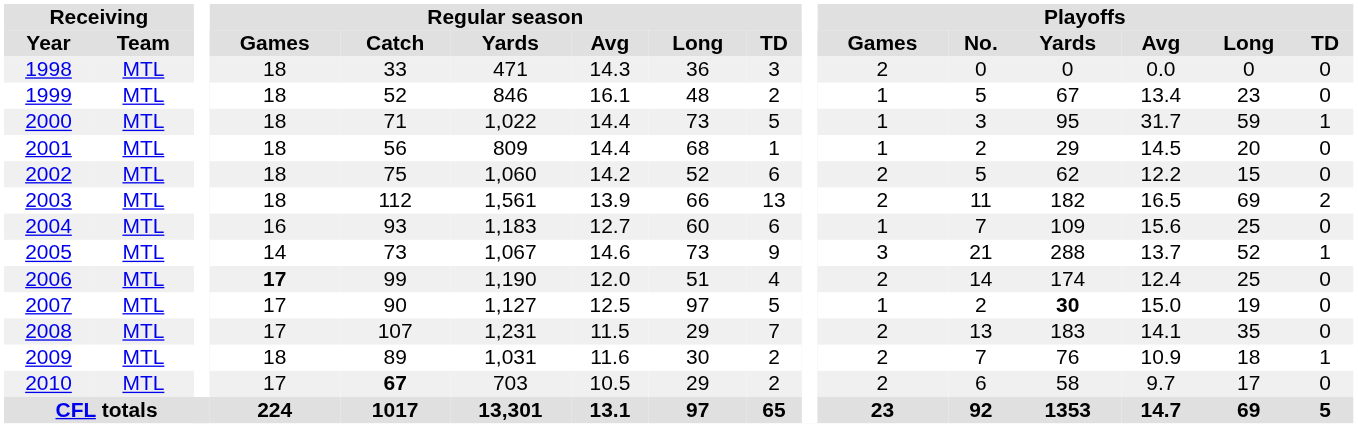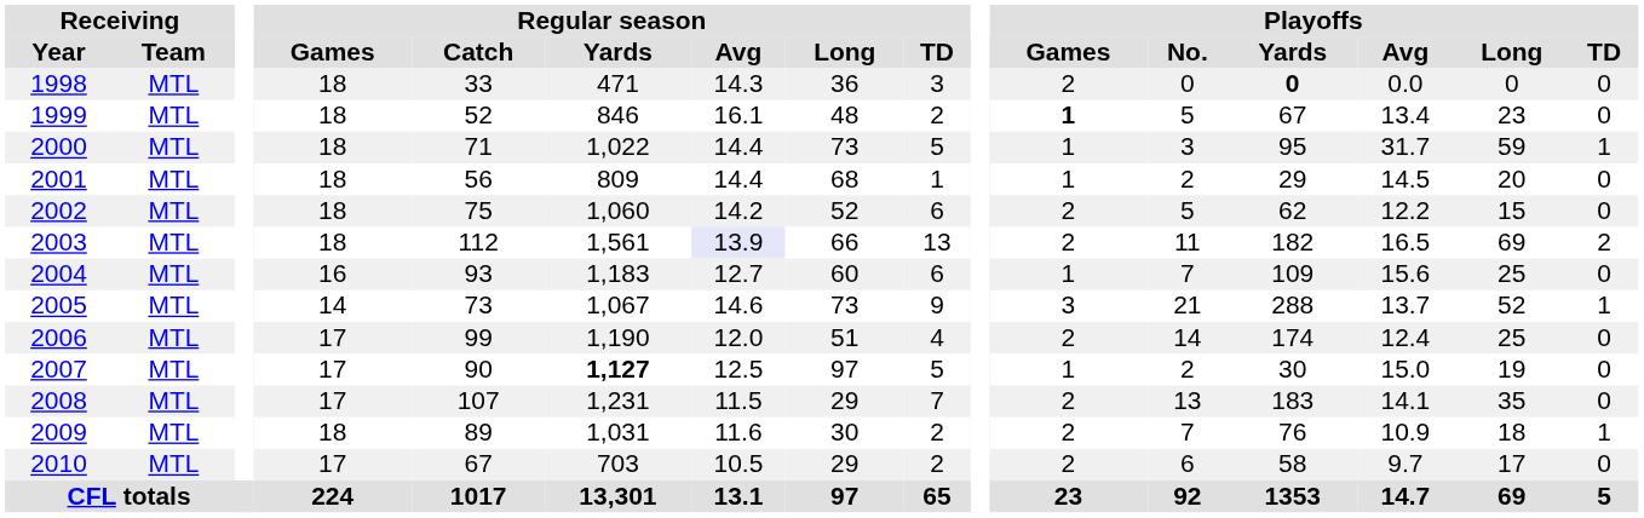 <table border="0" cellpadding="1" cellspacing="0"  style="width:65%; text-align:center;">
 <tr style="background:#e0e0e0;">
 <th colspan="2">Receiving</th>
 <th rowspan="99" style="background:#fff;"> </th>
 <th colspan="6">Regular season</th>
 <th rowspan="99" style="background:#fff;"> </th>
 <th colspan="6">Playoffs</th>
 </tr>
 <tr style="background:#e0e0e0;">
 <th>Year</th>
 <th>Team</th>
 <th>Games</th>
 <th>Catch</th>
 <th>Yards</th>
 <th>Avg</th>
 <th>Long</th>
 <th>TD</th>
 <th>Games</th>
 <th>No.</th>
 <th>Yards</th>
 <th>Avg</th>
 <th>Long</th>
 <th>TD</th>
 </tr>
 <tr style="text-align:center; background:#f0f0f0;">
 <td><a href='#'>1998</a></td>
 <td><a href='#'>MTL</a></td>
 <td>18</td>
 <td>33</td>
 <td>471</td>
 <td>14.3</td>
 <td>36</td>
 <td>3</td>
 <td>2</td>
 <td>0</td>
-<td>0</td>
+<td><strong>0</strong></td>
 <td>0.0</td>
 <td>0</td>
 <td>0</td>
 </tr>
 <tr style="text-align:center;">
 <td><a href='#'>1999</a></td>
 <td><a href='#'>MTL</a></td>
 <td>18</td>
 <td>52</td>
 <td>846</td>
 <td>16.1</td>
 <td>48</td>
 <td>2</td>
-<td>1</td>
+<td><strong>1</strong></td>
 <td>5</td>
 <td>67</td>
 <td>13.4</td>
 <td>23</td>
 <td>0</td>
 </tr>
 <tr style="text-align:center; background:#f0f0f0;">
 <td><a href='#'>2000</a></td>
 <td><a href='#'>MTL</a></td>
 <td>18</td>
 <td>71</td>
 <td>1,022</td>
 <td>14.4</td>
 <td>73</td>
 <td>5</td>
 <td>1</td>
 <td>3</td>
 <td>95</td>
 <td>31.7</td>
 <td>59</td>
 <td>1</td>
 </tr>
 <tr style="text-align:center;">
 <td><a href='#'>2001</a></td>
 <td><a href='#'>MTL</a></td>
 <td>18</td>
 <td>56</td>
 <td>809</td>
 <td>14.4</td>
 <td>68</td>
 <td>1</td>
 <td>1</td>
 <td>2</td>
 <td>29</td>
 <td>14.5</td>
 <td>20</td>
 <td>0</td>
 </tr>
 <tr style="text-align:center; background:#f0f0f0;">
 <td><a href='#'>2002</a></td>
 <td><a href='#'>MTL</a></td>
 <td>18</td>
 <td>75</td>
 <td>1,060</td>
 <td>14.2</td>
 <td>52</td>
 <td>6</td>
 <td>2</td>
 <td>5</td>
 <td>62</td>
 <td>12.2</td>
 <td>15</td>
 <td>0</td>
 </tr>
 <tr style="text-align:center;">
 <td><a href='#'>2003</a></td>
 <td><a href='#'>MTL</a></td>
 <td>18</td>
 <td>112</td>
 <td>1,561</td>
-<td>13.9</td>
+<td style="background: lavender;">13.9</td>
 <td>66</td>
 <td>13</td>
 <td>2</td>
 <td>11</td>
 <td>182</td>
 <td>16.5</td>
 <td>69</td>
 <td>2</td>
 </tr>
 <tr style="text-align:center; background:#f0f0f0;">
 <td><a href='#'>2004</a></td>
 <td><a href='#'>MTL</a></td>
 <td>16</td>
 <td>93</td>
 <td>1,183</td>
 <td>12.7</td>
 <td>60</td>
 <td>6</td>
 <td>1</td>
 <td>7</td>
 <td>109</td>
 <td>15.6</td>
 <td>25</td>
 <td>0</td>
 </tr>
 <tr style="text-align:center;">
 <td><a href='#'>2005</a></td>
 <td><a href='#'>MTL</a></td>
 <td>14</td>
 <td>73</td>
 <td>1,067</td>
 <td>14.6</td>
 <td>73</td>
 <td>9</td>
 <td>3</td>
 <td>21</td>
 <td>288</td>
 <td>13.7</td>
 <td>52</td>
 <td>1</td>
 </tr>
 <tr style="text-align:center; background:#f0f0f0;">
 <td><a href='#'>2006</a></td>
 <td><a href='#'>MTL</a></td>
-<td><strong>17</strong></td>
+<td>17</td>
 <td>99</td>
 <td>1,190</td>
 <td>12.0</td>
 <td>51</td>
 <td>4</td>
 <td>2</td>
 <td>14</td>
 <td>174</td>
 <td>12.4</td>
 <td>25</td>
 <td>0</td>
 </tr>
 <tr style="text-align:center;">
 <td><a href='#'>2007</a></td>
 <td><a href='#'>MTL</a></td>
 <td>17</td>
 <td>90</td>
-<td>1,127</td>
+<td><strong>1,127</strong></td>
 <td>12.5</td>
 <td>97</td>
 <td>5</td>
 <td>1</td>
 <td>2</td>
-<td><strong>30</strong></td>
+<td>30</td>
 <td>15.0</td>
 <td>19</td>
 <td>0</td>
 </tr>
 <tr style="text-align:center; background:#f0f0f0;">
 <td><a href='#'>2008</a></td>
 <td><a href='#'>MTL</a></td>
 <td>17</td>
 <td>107</td>
 <td>1,231</td>
 <td>11.5</td>
 <td>29</td>
 <td>7</td>
 <td>2</td>
 <td>13</td>
 <td>183</td>
 <td>14.1</td>
 <td>35</td>
 <td>0</td>
 </tr>
 <tr style="text-align:center;">
 <td><a href='#'>2009</a></td>
 <td><a href='#'>MTL</a></td>
 <td>18</td>
 <td>89</td>
 <td>1,031</td>
 <td>11.6</td>
 <td>30</td>
 <td>2</td>
 <td>2</td>
 <td>7</td>
 <td>76</td>
 <td>10.9</td>
 <td>18</td>
 <td>1</td>
 </tr>
 <tr style="text-align:center; background:#f0f0f0;">
 <td><a href='#'>2010</a></td>
 <td><a href='#'>MTL</a></td>
 <td>17</td>
-<td><strong>67</strong></td>
+<td>67</td>
 <td>703</td>
 <td>10.5</td>
 <td>29</td>
 <td>2</td>
 <td>2</td>
 <td>6</td>
 <td>58</td>
 <td>9.7</td>
 <td>17</td>
 <td>0</td>
 </tr>
 <tr style="background:#e0e0e0;">
 <th colspan="3"><a href='#'>CFL</a> totals</th>
 <th>224</th>
 <th>1017</th>
 <th>13,301</th>
 <th>13.1</th>
 <th>97</th>
 <th>65</th>
 <th>23</th>
 <th>92</th>
 <th>1353</th>
 <th>14.7</th>
 <th>69</th>
 <th>5</th>
 </tr>
 </table>
